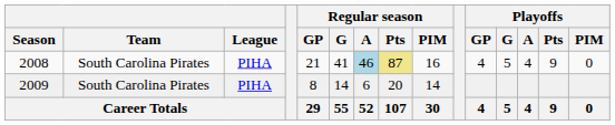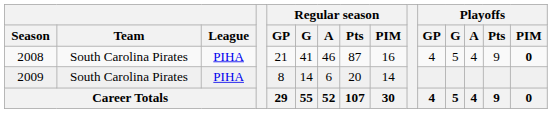 <table class="wikitable"| BORDER="0" CELLPADDING="1" CELLSPACING="0" width="75%" style="text-align:center">
 <tr bgcolor="#e0e0e0">
 <th colspan="3" bgcolor="#ffffff"> </th>
 <th rowspan="99" bgcolor="#ffffff"> </th>
 <th colspan="5">Regular season</th>
 <th rowspan="99" bgcolor="#ffffff"> </th>
 <th colspan="5">Playoffs</th>
 </tr>
 <tr bgcolor="#e0e0e0">
 <th>Season</th>
 <th>Team</th>
 <th>League</th>
 <th>GP</th>
 <th>G</th>
 <th>A</th>
 <th>Pts</th>
 <th>PIM</th>
 <th>GP</th>
 <th>G</th>
 <th>A</th>
 <th>Pts</th>
 <th>PIM</th>
 </tr>
 <tr ALIGN="center">
 <td>2008</td>
 <td>South Carolina Pirates</td>
 <td><a href='#'>PIHA</a></td>
 <td>21</td>
 <td>41</td>
-<td style="background: lightblue;">46</td>
-<td style="background: khaki;">87</td>
+<td>46</td>
+<td>87</td>
 <td>16</td>
 <td>4</td>
 <td>5</td>
 <td>4</td>
 <td>9</td>
-<td>0</td>
+<td><strong>0</strong></td>
 </tr>
 <tr ALIGN="center" bgcolor="#f0f0f0">
 <td>2009</td>
 <td>South Carolina Pirates</td>
 <td><a href='#'>PIHA</a></td>
 <td>8</td>
 <td>14</td>
 <td>6</td>
 <td>20</td>
 <td>14</td>
 <td></td>
 <td></td>
 <td></td>
 <td></td>
 <td></td>
 </tr>
 <tr bgcolor="#e0e0e0">
 <th colspan="3">Career Totals</th>
 <th>29</th>
 <th>55</th>
 <th>52</th>
 <th>107</th>
 <th>30</th>
 <th>4</th>
 <th>5</th>
 <th>4</th>
 <th>9</th>
 <th>0</th>
 </tr>
 </table>
